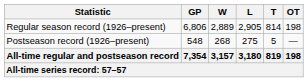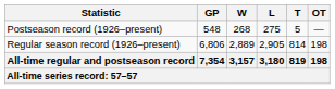 <table class="wikitable" style="text-align:center; font-size:95%">
 <tr>
 <th>Statistic</th>
 <th>GP</th>
 <th>W</th>
 <th>L</th>
 <th>T</th>
 <th>OT</th>
 </tr>
 <tr>
+<td style="text-align:left;">Postseason record (1926–present)</td>
+<td>548</td>
+<td>268</td>
+<td>275</td>
+<td>5</td>
+<td>—</td>
+</tr>
+<tr>
 <td style="text-align:left;">Regular season record (1926–present)</td>
 <td>6,806</td>
 <td>2,889</td>
 <td>2,905</td>
 <td>814</td>
 <td>198</td>
-</tr>
-<tr>
-<td style="text-align:left;">Postseason record (1926–present)</td>
-<td>548</td>
-<td>268</td>
-<td>275</td>
-<td>5</td>
-<td>—</td>
 </tr>
 <tr>
 <th style="text-align:left;">All-time regular and postseason record</th>
 <th>7,354</th>
 <th>3,157</th>
 <th>3,180</th>
 <th>819</th>
 <th>198</th>
 </tr>
 <tr>
 <th colspan="6" style="text-align:left; font-size:95%">All-time series record: 57–57</th>
 </tr>
 </table>
